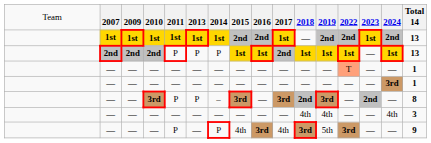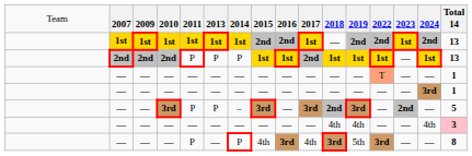 <table class="wikitable" style="text-align:center; font-size:90%">
 <tr>
 <td width="150">Team</td>
 <th><br>2007</th>
 <th><br>2009</th>
 <th><br>2010</th>
 <th><br>2011</th>
 <th><br>2013</th>
 <th><br>2014</th>
 <th><br>2015</th>
 <th><br>2016</th>
 <th><br>2017</th>
 <th><br><a href='#'>2018</a></th>
 <th><br><a href='#'>2019</a></th>
 <th><br><a href='#'>2022</a></th>
 <th><br><a href='#'>2023</a></th>
 <th><br><a href='#'>2024</a></th>
 <th>Total<br>14</th>
 </tr>
 <tr>
 <td align=left></td>
 <td bgcolor=Gold><strong>1st</strong></td>
 <td style="border: 3px solid red" bgcolor=Gold><strong>1st</strong></td>
 <td bgcolor=Gold><strong>1st</strong></td>
 <td bgcolor=Gold><strong>1st</strong></td>
 <td style="border: 3px solid red" bgcolor=Gold><strong>1st</strong></td>
 <td bgcolor=Gold><strong>1st</strong></td>
 <td bgcolor=Silver><strong>2nd</strong></td>
 <td bgcolor=Silver><strong>2nd</strong></td>
 <td style="border: 3px solid red" bgcolor=Gold><strong>1st</strong></td>
 <td>—</td>
 <td bgcolor=Silver><strong>2nd</strong></td>
 <td bgcolor=Silver><strong>2nd</strong></td>
 <td style="border: 3px solid red" bgcolor=Gold><strong>1st</strong></td>
 <td bgcolor=Silver><strong>2nd</strong></td>
 <td><strong>13</strong></td>
 </tr>
 <tr>
 <td align=left></td>
 <td style="border: 3px solid red" bgcolor=Silver><strong>2nd</strong></td>
 <td bgcolor=Silver><strong>2nd</strong></td>
 <td bgcolor=Silver><strong>2nd</strong></td>
 <td style="border: 3px solid red">P</td>
 <td>P</td>
 <td>P</td>
 <td bgcolor=Gold><strong>1st</strong></td>
 <td style="border: 3px solid red" bgcolor=Gold><strong>1st</strong></td>
 <td bgcolor=Silver><strong>2nd</strong></td>
 <td bgcolor=Gold><strong>1st</strong></td>
 <td bgcolor=Gold><strong>1st</strong></td>
 <td style="border: 3px solid red" bgcolor=Gold><strong>1st</strong></td>
 <td>—</td>
 <td style="border: 3px solid red" bgcolor=Gold><strong>1st</strong></td>
 <td><strong>13</strong></td>
 </tr>
 <tr>
 <td align="left"></td>
 <td>—</td>
 <td>—</td>
 <td>—</td>
 <td>—</td>
 <td>—</td>
 <td>—</td>
 <td>—</td>
 <td>—</td>
 <td>—</td>
 <td>—</td>
 <td>—</td>
 <td style="background: lightsalmon;">T</td>
 <td>—</td>
 <td>—</td>
 <td><strong>1</strong></td>
 </tr>
 <tr>
 <td align="left"></td>
 <td>—</td>
 <td>—</td>
 <td>—</td>
 <td>—</td>
 <td>—</td>
 <td>—</td>
 <td>—</td>
 <td>—</td>
 <td>—</td>
 <td>—</td>
 <td>—</td>
 <td>—</td>
 <td>—</td>
 <td bgcolor=#cc9966><strong>3rd</strong></td>
 <td><strong>1</strong></td>
 </tr>
 <tr>
 <td align=left></td>
 <td>—</td>
 <td>—</td>
 <td style="border: 3px solid red" bgcolor=#cc9966><strong>3rd</strong></td>
 <td>P</td>
 <td>P</td>
 <td>–</td>
 <td style="border: 3px solid red" bgcolor=#cc9966><strong>3rd</strong></td>
 <td>—</td>
 <td bgcolor=#cc9966><strong>3rd</strong></td>
 <td bgcolor=Silver><strong>2nd</strong></td>
 <td style="border: 3px solid red" bgcolor=#cc9966><strong>3rd</strong></td>
 <td>—</td>
 <td bgcolor=Silver><strong>2nd</strong></td>
 <td>—</td>
-<td><strong>8</strong></td>
+<td><strong>5</strong></td>
 </tr>
 <tr>
 <td align="left"></td>
 <td>—</td>
 <td>—</td>
 <td>—</td>
 <td>—</td>
 <td>—</td>
 <td>—</td>
 <td>—</td>
 <td>—</td>
 <td>—</td>
 <td>4th</td>
 <td>4th</td>
 <td>—</td>
 <td>—</td>
 <td>4th</td>
-<td><strong>3</strong></td>
+<td style="background: pink;"><strong>3</strong></td>
 </tr>
 <tr>
 <td align="left"></td>
 <td>—</td>
 <td>—</td>
 <td>—</td>
 <td>P</td>
 <td>—</td>
 <td style="border: 3px solid red">P</td>
 <td>4th</td>
 <td bgcolor="#cc9966"><strong>3rd</strong></td>
 <td>4th</td>
 <td style="border: 3px solid red" bgcolor="#cc9966"><strong>3rd</strong></td>
 <td>5th</td>
 <td bgcolor="#cc9966"><strong>3rd</strong></td>
 <td>—</td>
 <td>—</td>
-<td><strong>9</strong></td>
+<td><strong>8</strong></td>
 </tr>
 </table>
